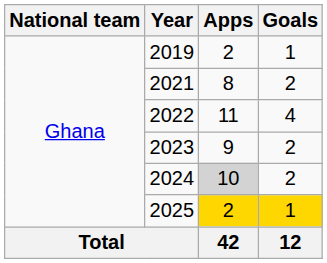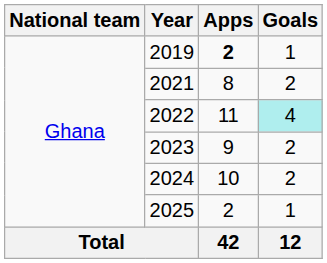 <table class="wikitable" style="text-align: center;">
 <tr>
 <th>National team</th>
 <th>Year</th>
 <th>Apps</th>
 <th>Goals</th>
 </tr>
 <tr>
 <td rowspan="6"><a href='#'>Ghana</a></td>
 <td>2019</td>
-<td>2</td>
+<td><strong>2</strong></td>
 <td>1</td>
 </tr>
 <tr>
 <td>2021</td>
 <td>8</td>
 <td>2</td>
 </tr>
 <tr>
 <td>2022</td>
 <td>11</td>
-<td>4</td>
+<td style="background: paleturquoise;">4</td>
 </tr>
 <tr>
 <td>2023</td>
 <td>9</td>
 <td>2</td>
 </tr>
 <tr>
 <td>2024</td>
-<td style="background: lightgrey;">10</td>
+<td>10</td>
 <td>2</td>
 </tr>
 <tr>
 <td>2025</td>
-<td style="background: gold;">2</td>
-<td style="background: gold;">1</td>
+<td>2</td>
+<td>1</td>
 </tr>
 <tr>
 <th colspan="2">Total</th>
 <th>42</th>
 <th>12</th>
 </tr>
 </table>
